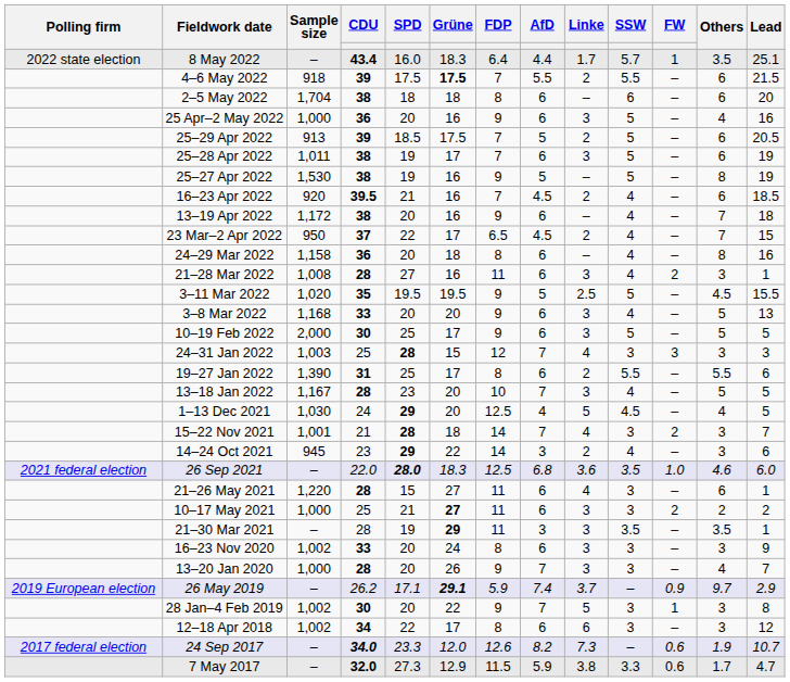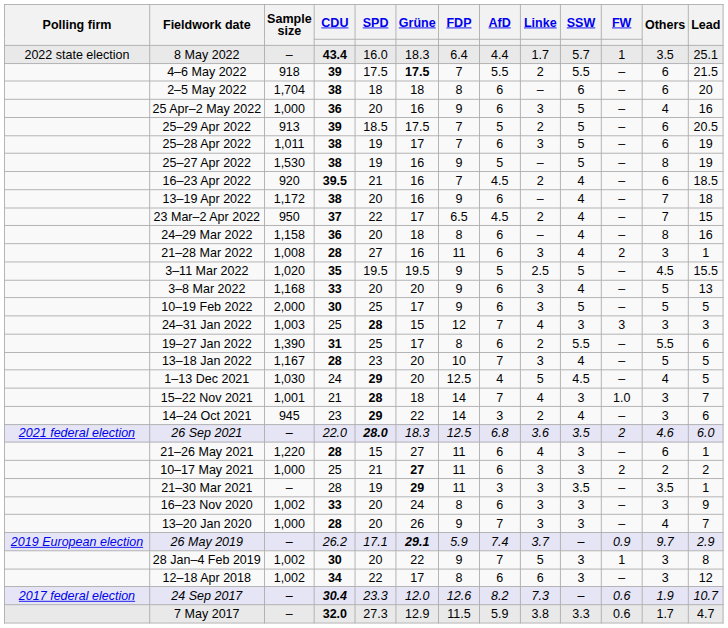 <table class="wikitable sortable" style="text-align:center;font-size:90%;line-height:14px;">
 <tr style="height:40px;">
 <th style="width:160px;" rowspan="2">Polling firm</th>
 <th style="width:125px;" rowspan="2">Fieldwork date</th>
 <th style="width:35px;" rowspan="2">Sample<br>size</th>
 <th class="unsortable" style="width:40px;"><a href='#'>CDU</a></th>
 <th class="unsortable" style="width:40px;"><a href='#'>SPD</a></th>
 <th class="unsortable" style="width:40px;"><a href='#'>Grüne</a></th>
 <th class="unsortable" style="width:40px;"><a href='#'>FDP</a></th>
 <th class="unsortable" style="width:40px;"><a href='#'>AfD</a></th>
 <th class="unsortable" style="width:40px;"><a href='#'>Linke</a></th>
 <th class="unsortable" style="width:40px;"><a href='#'>SSW</a></th>
 <th class="unsortable" style="width:40px;"><a href='#'>FW</a></th>
 <th class="unsortable" style="width:40px;" rowspan="2">Others</th>
 <th style="width:30px;" rowspan="2">Lead</th>
 </tr>
 <tr>
 <th style="background:"></th>
 <th style="background:"></th>
 <th style="background:"></th>
 <th style="background:"></th>
 <th style="background:"></th>
 <th style="background:"></th>
 <th style="background:"></th>
 <th style="background:"></th>
 </tr>
 <tr style="background:#E9E9E9;">
 <td>2022 state election</td>
 <td data-sort-value="2022-05-08">8 May 2022</td>
 <td>–</td>
 <td><strong>43.4</strong></td>
 <td>16.0</td>
 <td>18.3</td>
 <td>6.4</td>
 <td>4.4</td>
 <td>1.7</td>
 <td>5.7</td>
 <td>1</td>
 <td>3.5</td>
 <td style="background:">25.1</td>
 </tr>
 <tr>
 <td></td>
 <td data-sort-value="2022-05-06">4–6 May 2022</td>
 <td>918</td>
 <td><strong>39</strong></td>
 <td>17.5</td>
 <td><strong>17.5</strong></td>
 <td>7</td>
 <td>5.5</td>
 <td>2</td>
 <td>5.5</td>
 <td>–</td>
 <td>6</td>
 <td style="background:">21.5</td>
 </tr>
 <tr>
 <td></td>
 <td data-sort-value="2022-05-05">2–5 May 2022</td>
 <td>1,704</td>
 <td><strong>38</strong></td>
 <td>18</td>
 <td>18</td>
 <td>8</td>
 <td>6</td>
 <td>–</td>
 <td>6</td>
 <td>–</td>
 <td>6</td>
 <td style="background:">20</td>
 </tr>
 <tr>
 <td></td>
 <td data-sort-value="2022-05-02">25 Apr–2 May 2022</td>
 <td>1,000</td>
 <td><strong>36</strong></td>
 <td>20</td>
 <td>16</td>
 <td>9</td>
 <td>6</td>
 <td>3</td>
 <td>5</td>
 <td>–</td>
 <td>4</td>
 <td style="background:">16</td>
 </tr>
 <tr>
 <td></td>
 <td data-sort-value="2022-04-29">25–29 Apr 2022</td>
 <td>913</td>
 <td><strong>39</strong></td>
 <td>18.5</td>
 <td>17.5</td>
 <td>7</td>
 <td>5</td>
 <td>2</td>
 <td>5</td>
 <td>–</td>
 <td>6</td>
 <td style="background:">20.5</td>
 </tr>
 <tr>
 <td></td>
 <td data-sort-value="2022-04-28">25–28 Apr 2022</td>
 <td>1,011</td>
 <td><strong>38</strong></td>
 <td>19</td>
 <td>17</td>
 <td>7</td>
 <td>6</td>
 <td>3</td>
 <td>5</td>
 <td>–</td>
 <td>6</td>
 <td style="background:">19</td>
 </tr>
 <tr>
 <td></td>
 <td data-sort-value="2022-04-27">25–27 Apr 2022</td>
 <td>1,530</td>
 <td><strong>38</strong></td>
 <td>19</td>
 <td>16</td>
 <td>9</td>
 <td>5</td>
 <td>–</td>
 <td>5</td>
 <td>–</td>
 <td>8</td>
 <td style="background:">19</td>
 </tr>
 <tr>
 <td></td>
 <td data-sort-value="2022-04-23">16–23 Apr 2022</td>
 <td>920</td>
 <td><strong>39.5</strong></td>
 <td>21</td>
 <td>16</td>
 <td>7</td>
 <td>4.5</td>
 <td>2</td>
 <td>4</td>
 <td>–</td>
 <td>6</td>
 <td style="background:">18.5</td>
 </tr>
 <tr>
 <td></td>
 <td data-sort-value="2022-04-19">13–19 Apr 2022</td>
 <td>1,172</td>
 <td><strong>38</strong></td>
 <td>20</td>
 <td>16</td>
 <td>9</td>
 <td>6</td>
 <td>–</td>
 <td>4</td>
 <td>–</td>
 <td>7</td>
 <td style="background:">18</td>
 </tr>
 <tr>
 <td></td>
 <td data-sort-value="2022-04-02">23 Mar–2 Apr 2022</td>
 <td>950</td>
 <td><strong>37</strong></td>
 <td>22</td>
 <td>17</td>
 <td>6.5</td>
 <td>4.5</td>
 <td>2</td>
 <td>4</td>
 <td>–</td>
 <td>7</td>
 <td style="background:">15</td>
 </tr>
 <tr>
 <td></td>
 <td data-sort-value="2022-03-29">24–29 Mar 2022</td>
 <td>1,158</td>
 <td><strong>36</strong></td>
 <td>20</td>
 <td>18</td>
 <td>8</td>
 <td>6</td>
 <td>–</td>
 <td>4</td>
 <td>–</td>
 <td>8</td>
 <td style="background:">16</td>
 </tr>
 <tr>
 <td></td>
 <td data-sort-value="2022-03-28">21–28 Mar 2022</td>
 <td>1,008</td>
 <td><strong>28</strong></td>
 <td>27</td>
 <td>16</td>
 <td>11</td>
 <td>6</td>
 <td>3</td>
 <td>4</td>
 <td>2</td>
 <td>3</td>
 <td style="background:">1</td>
 </tr>
 <tr>
 <td></td>
 <td data-sort-value="2022-03-11">3–11 Mar 2022</td>
 <td>1,020</td>
 <td><strong>35</strong></td>
 <td>19.5</td>
 <td>19.5</td>
 <td>9</td>
 <td>5</td>
 <td>2.5</td>
 <td>5</td>
 <td>–</td>
 <td>4.5</td>
 <td style="background:">15.5</td>
 </tr>
 <tr>
 <td></td>
 <td data-sort-value="2022-03-08">3–8 Mar 2022</td>
 <td>1,168</td>
 <td><strong>33</strong></td>
 <td>20</td>
 <td>20</td>
 <td>9</td>
 <td>6</td>
 <td>3</td>
 <td>4</td>
 <td>–</td>
 <td>5</td>
 <td style="background:">13</td>
 </tr>
 <tr>
 <td></td>
 <td data-sort-value="2022-02-19">10–19 Feb 2022</td>
 <td>2,000</td>
 <td><strong>30</strong></td>
 <td>25</td>
 <td>17</td>
 <td>9</td>
 <td>6</td>
 <td>3</td>
 <td>5</td>
 <td>–</td>
 <td>5</td>
 <td style="background:">5</td>
 </tr>
 <tr>
 <td></td>
 <td data-sort-value="2022-01-31">24–31 Jan 2022</td>
 <td>1,003</td>
 <td>25</td>
 <td><strong>28</strong></td>
 <td>15</td>
 <td>12</td>
 <td>7</td>
 <td>4</td>
 <td>3</td>
 <td>3</td>
 <td>3</td>
 <td style="background:">3</td>
 </tr>
 <tr>
 <td></td>
 <td data-sort-value="2022-01-19">19–27 Jan 2022</td>
 <td>1,390</td>
 <td><strong>31</strong></td>
 <td>25</td>
 <td>17</td>
 <td>8</td>
 <td>6</td>
 <td>2</td>
 <td>5.5</td>
 <td>–</td>
 <td>5.5</td>
 <td style="background:">6</td>
 </tr>
 <tr>
 <td></td>
 <td data-sort-value="2022-01-18">13–18 Jan 2022</td>
 <td>1,167</td>
 <td><strong>28</strong></td>
 <td>23</td>
 <td>20</td>
 <td>10</td>
 <td>7</td>
 <td>3</td>
 <td>4</td>
 <td>–</td>
 <td>5</td>
 <td style="background:">5</td>
 </tr>
 <tr>
 <td></td>
 <td data-sort-value="2021-12-13">1–13 Dec 2021</td>
 <td>1,030</td>
 <td>24</td>
 <td><strong>29</strong></td>
 <td>20</td>
 <td>12.5</td>
 <td>4</td>
 <td>5</td>
 <td>4.5</td>
 <td>–</td>
 <td>4</td>
 <td style="background:">5</td>
 </tr>
 <tr>
 <td></td>
 <td data-sort-value="2021-11-22">15–22 Nov 2021</td>
 <td>1,001</td>
 <td>21</td>
 <td><strong>28</strong></td>
 <td>18</td>
 <td>14</td>
 <td>7</td>
 <td>4</td>
 <td>3</td>
-<td>2</td>
+<td>1.0</td>
 <td>3</td>
 <td style="background:">7</td>
 </tr>
 <tr>
 <td></td>
 <td data-sort-value="2021-10-24">14–24 Oct 2021</td>
 <td>945</td>
 <td>23</td>
 <td><strong>29</strong></td>
 <td>22</td>
 <td>14</td>
 <td>3</td>
 <td>2</td>
 <td>4</td>
 <td>–</td>
 <td>3</td>
 <td style="background:">6</td>
 </tr>
 <tr style="background:#E5E5F5;font-style:italic;">
 <td><a href='#'>2021 federal election</a></td>
 <td data-sort-value="2021-09-26">26 Sep 2021</td>
 <td>–</td>
 <td>22.0</td>
 <td><strong>28.0</strong></td>
 <td>18.3</td>
 <td>12.5</td>
 <td>6.8</td>
 <td>3.6</td>
 <td>3.5</td>
-<td>1.0</td>
+<td>2</td>
 <td>4.6</td>
 <td style="background:">6.0</td>
 </tr>
 <tr>
 <td></td>
 <td data-sort-value="2021-05-28">21–26 May 2021</td>
 <td>1,220</td>
 <td><strong>28</strong></td>
 <td>15</td>
 <td>27</td>
 <td>11</td>
 <td>6</td>
 <td>4</td>
 <td>3</td>
 <td>–</td>
 <td>6</td>
 <td style="background:">1</td>
 </tr>
 <tr>
 <td></td>
 <td data-sort-value="2021-05-19">10–17 May 2021</td>
 <td>1,000</td>
 <td>25</td>
 <td>21</td>
 <td><strong>27</strong></td>
 <td>11</td>
 <td>6</td>
 <td>3</td>
 <td>3</td>
 <td>2</td>
 <td>2</td>
 <td style="background:">2</td>
 </tr>
 <tr>
 <td></td>
 <td data-sort-value="2021-03-30">21–30 Mar 2021</td>
 <td>–</td>
 <td>28</td>
 <td>19</td>
 <td><strong>29</strong></td>
 <td>11</td>
 <td>3</td>
 <td>3</td>
 <td>3.5</td>
 <td>–</td>
 <td>3.5</td>
 <td style="background:">1</td>
 </tr>
 <tr>
 <td></td>
 <td data-sort-value="2020-11-25">16–23 Nov 2020</td>
 <td>1,002</td>
 <td><strong>33</strong></td>
 <td>20</td>
 <td>24</td>
 <td>8</td>
 <td>6</td>
 <td>3</td>
 <td>3</td>
 <td>–</td>
 <td>3</td>
 <td style="background:">9</td>
 </tr>
 <tr>
 <td></td>
 <td data-sort-value="2020-01-28">13–20 Jan 2020</td>
 <td>1,000</td>
 <td><strong>28</strong></td>
 <td>20</td>
 <td>26</td>
 <td>9</td>
 <td>7</td>
 <td>3</td>
 <td>3</td>
 <td>–</td>
 <td>4</td>
 <td style="background:">7</td>
 </tr>
 <tr style="background:#E5E5F5;font-style:italic;">
 <td><a href='#'>2019 European election</a></td>
 <td data-sort-value="2019-05-26">26 May 2019</td>
 <td>–</td>
 <td>26.2</td>
 <td>17.1</td>
 <td><strong>29.1</strong></td>
 <td>5.9</td>
 <td>7.4</td>
 <td>3.7</td>
 <td>–</td>
 <td>0.9</td>
 <td>9.7</td>
 <td style="background:">2.9</td>
 </tr>
 <tr>
 <td></td>
 <td data-sort-value="2019-02-08">28 Jan–4 Feb 2019</td>
 <td>1,002</td>
 <td><strong>30</strong></td>
 <td>20</td>
 <td>22</td>
 <td>9</td>
 <td>7</td>
 <td>5</td>
 <td>3</td>
 <td>1</td>
 <td>3</td>
 <td style="background:">8</td>
 </tr>
 <tr>
 <td></td>
 <td data-sort-value="2018-04-20">12–18 Apr 2018</td>
 <td>1,002</td>
 <td><strong>34</strong></td>
 <td>22</td>
 <td>17</td>
 <td>8</td>
 <td>6</td>
 <td>6</td>
 <td>3</td>
 <td>–</td>
 <td>3</td>
 <td style="background:">12</td>
 </tr>
 <tr style="background:#E5E5F5;font-style:italic;">
 <td><a href='#'>2017 federal election</a></td>
 <td data-sort-value="2017-09-24">24 Sep 2017</td>
 <td>–</td>
-<td><strong>34.0</strong></td>
+<td><strong>30.4</strong></td>
 <td>23.3</td>
 <td>12.0</td>
 <td>12.6</td>
 <td>8.2</td>
 <td>7.3</td>
 <td>–</td>
 <td>0.6</td>
 <td>1.9</td>
 <td style="background:">10.7</td>
 </tr>
 <tr style="background:#E9E9E9;">
 <td></td>
 <td data-sort-value="2017-05-07">7 May 2017</td>
 <td>–</td>
 <td><strong>32.0</strong></td>
 <td>27.3</td>
 <td>12.9</td>
 <td>11.5</td>
 <td>5.9</td>
 <td>3.8</td>
 <td>3.3</td>
 <td>0.6</td>
 <td>1.7</td>
 <td style="background:">4.7</td>
 </tr>
 </table>
